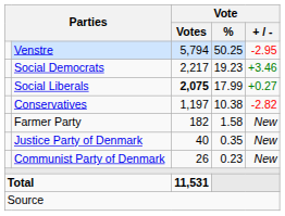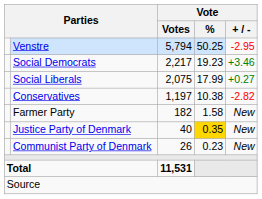 <table class="wikitable" style="text-align:right;">
 <tr>
 <th style="text-align:centre;" rowspan="2" colspan="2" width="225">Parties</th>
 <th colspan="3">Vote</th>
 </tr>
 <tr>
 <th width="15">Votes</th>
 <th width="15">%</th>
 <th width="15">+ / -</th>
 </tr>
 <tr>
 <td width="2" style="color:inherit;background:"></td>
 <td bgcolor=#cfe5fe  align="left"><a href='#'>Venstre</a></td>
 <td bgcolor=#cfe5fe>5,794</td>
 <td bgcolor=#cfe5fe>50.25</td>
 <td style=color:red;>-2.95</td>
 </tr>
 <tr>
 <td width="2" style="color:inherit;background:"></td>
 <td align="left"><a href='#'>Social Democrats</a></td>
 <td>2,217</td>
 <td>19.23</td>
 <td style=color:green;>+3.46</td>
 </tr>
 <tr>
 <td width="2" style="color:inherit;background:"></td>
 <td align="left"><a href='#'>Social Liberals</a></td>
-<td><strong>2,075</strong></td>
+<td>2,075</td>
 <td>17.99</td>
 <td style=color:green;>+0.27</td>
 </tr>
 <tr>
 <td width="2" style="color:inherit;background:"></td>
 <td align="left"><a href='#'>Conservatives</a></td>
 <td>1,197</td>
 <td>10.38</td>
 <td style=color:red;>-2.82</td>
 </tr>
 <tr>
 <td width="2" style="color:inherit;background:"></td>
 <td align="left">Farmer Party</td>
 <td>182</td>
 <td>1.58</td>
 <td><em>New</em></td>
 </tr>
 <tr>
 <td width="2" style="color:inherit;background:"></td>
 <td align="left"><a href='#'>Justice Party of Denmark</a></td>
 <td>40</td>
-<td>0.35</td>
+<td style="background: gold;">0.35</td>
 <td><em>New</em></td>
 </tr>
 <tr>
 <td width="2" style="color:inherit;background:"></td>
 <td align="left"><a href='#'>Communist Party of Denmark</a></td>
 <td>26</td>
 <td>0.23</td>
 <td><em>New</em></td>
 </tr>
 <tr>
 <td colspan="7" bgcolor="#E9E9E9"></td>
 </tr>
 <tr>
 <td align="left" colspan="2"><strong>Total</strong></td>
 <td><strong>11,531</strong></td>
 <td bgcolor="#E9E9E9" colspan="2"></td>
 </tr>
 <tr>
 <td align="left" colspan="6">Source</td>
 </tr>
 </table>
